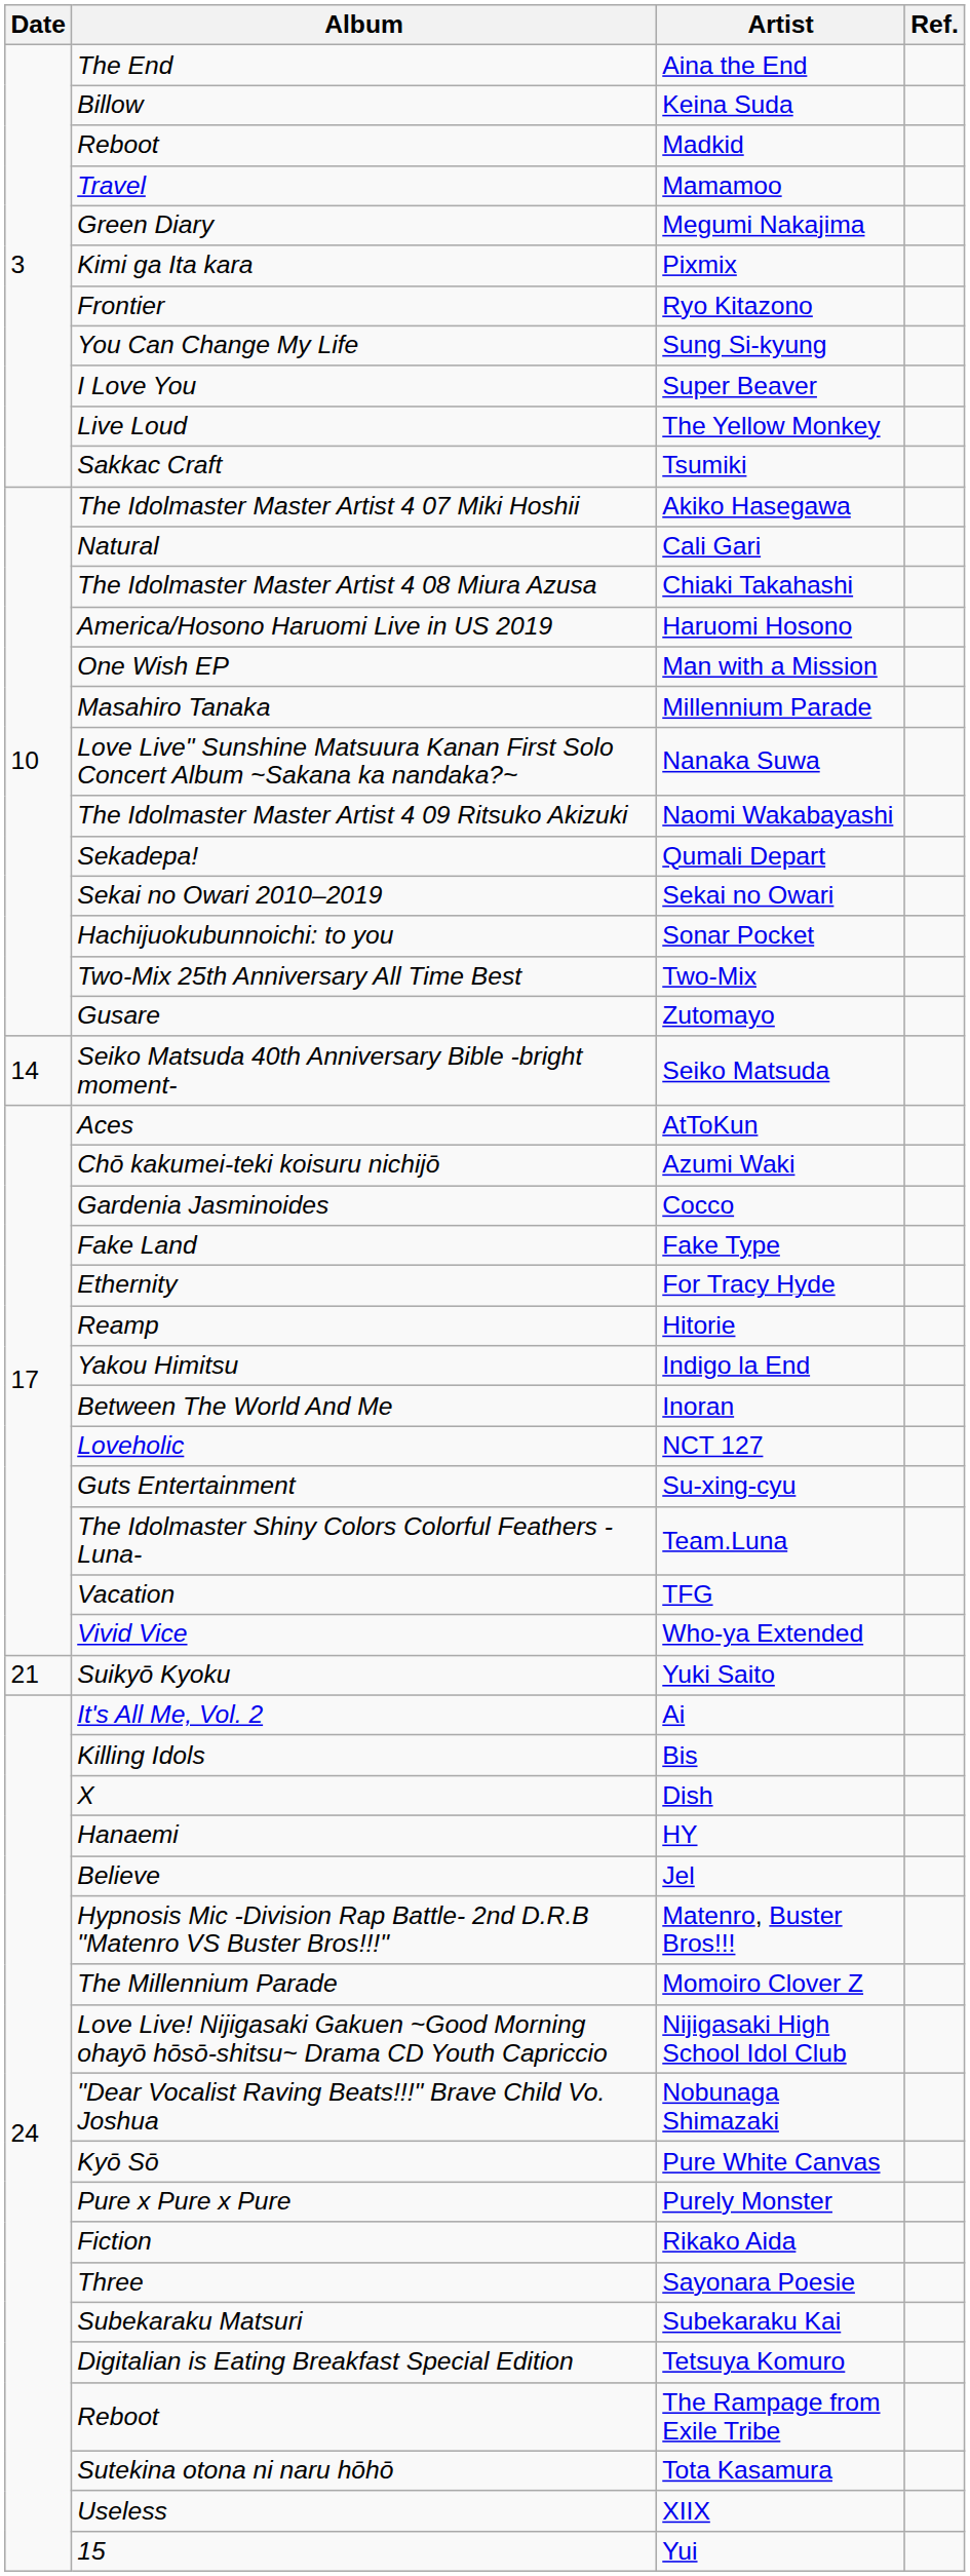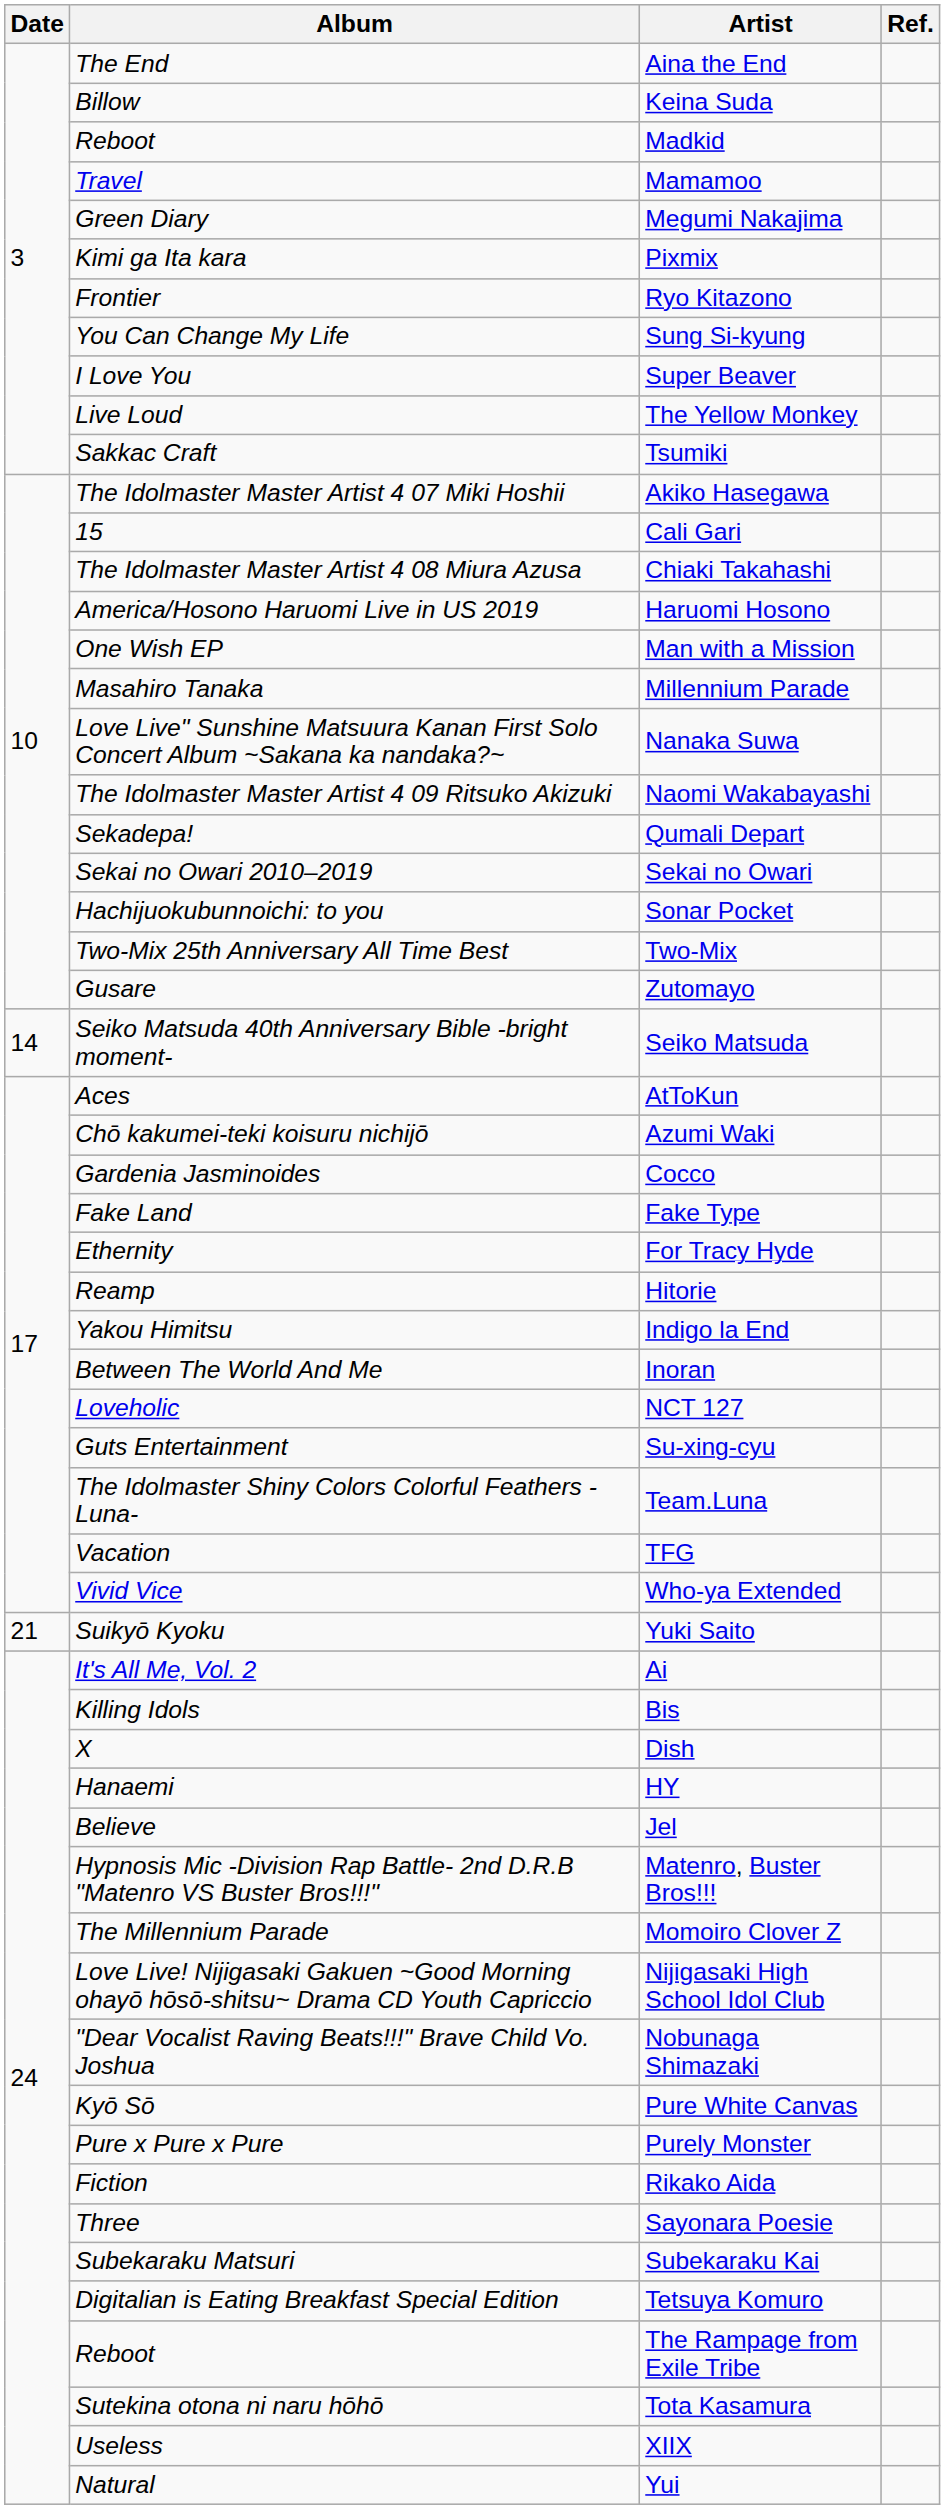 <table class="wikitable">
 <tr>
 <th>Date</th>
 <th>Album</th>
 <th>Artist</th>
 <th>Ref.</th>
 </tr>
 <tr>
 <td rowspan="11">3</td>
 <td><em>The End</em></td>
 <td><a href='#'>Aina the End</a></td>
 <td></td>
 </tr>
 <tr>
 <td><em>Billow</em></td>
 <td><a href='#'>Keina Suda</a></td>
 <td></td>
 </tr>
 <tr>
 <td><em>Reboot</em></td>
 <td><a href='#'>Madkid</a></td>
 <td></td>
 </tr>
 <tr>
 <td><em><a href='#'>Travel</a></em></td>
 <td><a href='#'>Mamamoo</a></td>
 <td></td>
 </tr>
 <tr>
 <td><em>Green Diary</em></td>
 <td><a href='#'>Megumi Nakajima</a></td>
 <td></td>
 </tr>
 <tr>
 <td><em>Kimi ga Ita kara</em></td>
 <td><a href='#'>Pixmix</a></td>
 <td></td>
 </tr>
 <tr>
 <td><em>Frontier</em></td>
 <td><a href='#'>Ryo Kitazono</a></td>
 <td></td>
 </tr>
 <tr>
 <td><em>You Can Change My Life</em></td>
 <td><a href='#'>Sung Si-kyung</a></td>
 <td></td>
 </tr>
 <tr>
 <td><em>I Love You</em></td>
 <td><a href='#'>Super Beaver</a></td>
 <td></td>
 </tr>
 <tr>
 <td><em>Live Loud</em></td>
 <td><a href='#'>The Yellow Monkey</a></td>
 <td></td>
 </tr>
 <tr>
 <td><em>Sakkac Craft</em></td>
 <td><a href='#'>Tsumiki</a></td>
 <td></td>
 </tr>
 <tr>
 <td rowspan="13">10</td>
 <td><em>The Idolmaster Master Artist 4 07 Miki Hoshii</em></td>
 <td><a href='#'>Akiko Hasegawa</a></td>
 <td></td>
 </tr>
 <tr>
-<td><em>Natural</em></td>
+<td><em>15</em></td>
 <td><a href='#'>Cali Gari</a></td>
 <td></td>
 </tr>
 <tr>
 <td><em>The Idolmaster Master Artist 4 08 Miura Azusa</em></td>
 <td><a href='#'>Chiaki Takahashi</a></td>
 <td></td>
 </tr>
 <tr>
 <td><em>America/Hosono Haruomi Live in US 2019</em></td>
 <td><a href='#'>Haruomi Hosono</a></td>
 <td></td>
 </tr>
 <tr>
 <td><em>One Wish EP</em></td>
 <td><a href='#'>Man with a Mission</a></td>
 <td></td>
 </tr>
 <tr>
 <td><em>Masahiro Tanaka</em></td>
 <td><a href='#'>Millennium Parade</a></td>
 <td></td>
 </tr>
 <tr>
 <td><em>Love Live" Sunshine Matsuura Kanan First Solo Concert Album ~Sakana ka nandaka?~</em></td>
 <td><a href='#'>Nanaka Suwa</a></td>
 <td></td>
 </tr>
 <tr>
 <td><em>The Idolmaster Master Artist 4 09 Ritsuko Akizuki</em></td>
 <td><a href='#'>Naomi Wakabayashi</a></td>
 <td></td>
 </tr>
 <tr>
 <td><em>Sekadepa!</em></td>
 <td><a href='#'>Qumali Depart</a></td>
 <td></td>
 </tr>
 <tr>
 <td><em>Sekai no Owari 2010–2019</em></td>
 <td><a href='#'>Sekai no Owari</a></td>
 <td></td>
 </tr>
 <tr>
 <td><em>Hachijuokubunnoichi: to you</em></td>
 <td><a href='#'>Sonar Pocket</a></td>
 <td></td>
 </tr>
 <tr>
 <td><em>Two-Mix 25th Anniversary All Time Best</em></td>
 <td><a href='#'>Two-Mix</a></td>
 <td></td>
 </tr>
 <tr>
 <td><em>Gusare</em></td>
 <td><a href='#'>Zutomayo</a></td>
 <td></td>
 </tr>
 <tr>
 <td>14</td>
 <td><em>Seiko Matsuda 40th Anniversary Bible -bright moment-</em></td>
 <td><a href='#'>Seiko Matsuda</a></td>
 <td></td>
 </tr>
 <tr>
 <td rowspan="13">17</td>
 <td><em>Aces</em></td>
 <td><a href='#'>AtToKun</a></td>
 <td></td>
 </tr>
 <tr>
 <td><em>Chō kakumei-teki koisuru nichijō</em></td>
 <td><a href='#'>Azumi Waki</a></td>
 <td></td>
 </tr>
 <tr>
 <td><em>Gardenia Jasminoides</em></td>
 <td><a href='#'>Cocco</a></td>
 <td></td>
 </tr>
 <tr>
 <td><em>Fake Land</em></td>
 <td><a href='#'>Fake Type</a></td>
 <td></td>
 </tr>
 <tr>
 <td><em>Ethernity</em></td>
 <td><a href='#'>For Tracy Hyde</a></td>
 <td></td>
 </tr>
 <tr>
 <td><em>Reamp</em></td>
 <td><a href='#'>Hitorie</a></td>
 <td></td>
 </tr>
 <tr>
 <td><em>Yakou Himitsu</em></td>
 <td><a href='#'>Indigo la End</a></td>
 <td></td>
 </tr>
 <tr>
 <td><em>Between The World And Me</em></td>
 <td><a href='#'>Inoran</a></td>
 <td></td>
 </tr>
 <tr>
 <td><em><a href='#'>Loveholic</a></em></td>
 <td><a href='#'>NCT 127</a></td>
 <td></td>
 </tr>
 <tr>
 <td><em>Guts Entertainment</em></td>
 <td><a href='#'>Su-xing-cyu</a></td>
 <td></td>
 </tr>
 <tr>
 <td><em>The Idolmaster Shiny Colors Colorful Feathers -Luna-</em></td>
 <td><a href='#'>Team.Luna</a></td>
 <td></td>
 </tr>
 <tr>
 <td><em>Vacation</em></td>
 <td><a href='#'>TFG</a></td>
 <td></td>
 </tr>
 <tr>
 <td><em><a href='#'>Vivid Vice</a></em></td>
 <td><a href='#'>Who-ya Extended</a></td>
 <td></td>
 </tr>
 <tr>
 <td>21</td>
 <td><em>Suikyō Kyoku</em></td>
 <td><a href='#'>Yuki Saito</a></td>
 <td></td>
 </tr>
 <tr>
 <td rowspan="19">24</td>
 <td><em><a href='#'>It's All Me, Vol. 2</a></em></td>
 <td><a href='#'>Ai</a></td>
 <td></td>
 </tr>
 <tr>
 <td><em>Killing Idols</em></td>
 <td><a href='#'>Bis</a></td>
 <td></td>
 </tr>
 <tr>
 <td><em>X</em></td>
 <td><a href='#'>Dish</a></td>
 <td></td>
 </tr>
 <tr>
 <td><em>Hanaemi</em></td>
 <td><a href='#'>HY</a></td>
 <td></td>
 </tr>
 <tr>
 <td><em>Believe</em></td>
 <td><a href='#'>Jel</a></td>
 <td></td>
 </tr>
 <tr>
 <td><em>Hypnosis Mic -Division Rap Battle- 2nd D.R.B "Matenro VS Buster Bros!!!"</em></td>
 <td><a href='#'>Matenro</a>, <a href='#'>Buster Bros!!!</a></td>
 <td></td>
 </tr>
 <tr>
 <td><em>The Millennium Parade</em></td>
 <td><a href='#'>Momoiro Clover Z</a></td>
 <td></td>
 </tr>
 <tr>
 <td><em>Love Live! Nijigasaki Gakuen ~Good Morning ohayō hōsō-shitsu~ Drama CD Youth Capriccio</em></td>
 <td><a href='#'>Nijigasaki High School Idol Club</a></td>
 <td></td>
 </tr>
 <tr>
 <td><em>"Dear Vocalist Raving Beats!!!" Brave Child Vo. Joshua</em></td>
 <td><a href='#'>Nobunaga Shimazaki</a></td>
 <td></td>
 </tr>
 <tr>
 <td><em>Kyō Sō</em></td>
 <td><a href='#'>Pure White Canvas</a></td>
 <td></td>
 </tr>
 <tr>
 <td><em>Pure x Pure x Pure</em></td>
 <td><a href='#'>Purely Monster</a></td>
 <td></td>
 </tr>
 <tr>
 <td><em>Fiction</em></td>
 <td><a href='#'>Rikako Aida</a></td>
 <td></td>
 </tr>
 <tr>
 <td><em>Three</em></td>
 <td><a href='#'>Sayonara Poesie</a></td>
 <td></td>
 </tr>
 <tr>
 <td><em>Subekaraku Matsuri</em></td>
 <td><a href='#'>Subekaraku Kai</a></td>
 <td></td>
 </tr>
 <tr>
 <td><em>Digitalian is Eating Breakfast Special Edition</em></td>
 <td><a href='#'>Tetsuya Komuro</a></td>
 <td></td>
 </tr>
 <tr>
 <td><em>Reboot</em></td>
 <td><a href='#'>The Rampage from Exile Tribe</a></td>
 <td></td>
 </tr>
 <tr>
 <td><em>Sutekina otona ni naru hōhō</em></td>
 <td><a href='#'>Tota Kasamura</a></td>
 <td></td>
 </tr>
 <tr>
 <td><em>Useless</em></td>
 <td><a href='#'>XIIX</a></td>
 <td></td>
 </tr>
 <tr>
-<td><em>15</em></td>
+<td><em>Natural</em></td>
 <td><a href='#'>Yui</a></td>
 <td></td>
 </tr>
 </table>
